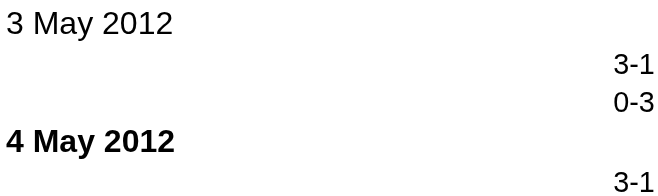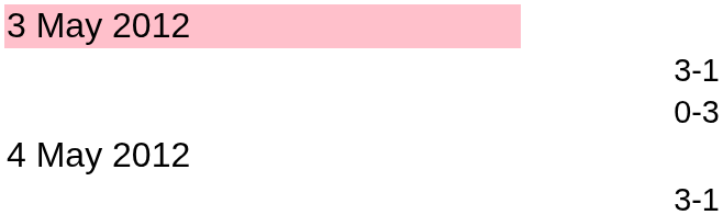 <table style="width:50%;" cellspacing="1">
 <tr>
 <th width=15%></th>
 <th width=10%></th>
 <th width=15%></th>
 </tr>
 <tr>
-<td>3 May 2012</td>
+<td style="background: pink;">3 May 2012</td>
 </tr>
 <tr style=font-size:90%>
 <td align=right></td>
 <td align=center>3-1</td>
 <td></td>
 </tr>
 <tr style=font-size:90%>
 <td align=right></td>
 <td align=center>0-3</td>
 <td></td>
 </tr>
 <tr>
-<td><strong>4 May 2012</strong></td>
+<td>4 May 2012</td>
 </tr>
 <tr style=font-size:90%>
 <td align=right></td>
 <td align=center>3-1</td>
 <td></td>
 </tr>
 </table>
